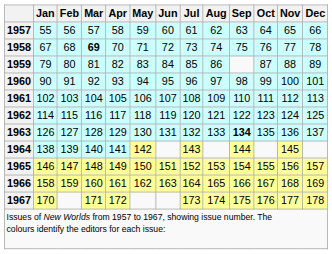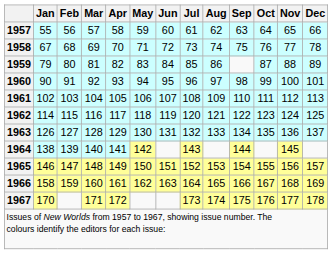 <table class="wikitable" style="font-size: 10pt; line-height: 11pt; margin-right: 2em; text-align: center; float: left">
 <tr>
 <th></th>
 <th>Jan</th>
 <th>Feb</th>
 <th>Mar</th>
 <th>Apr</th>
 <th>May</th>
 <th>Jun</th>
 <th>Jul</th>
 <th>Aug</th>
 <th>Sep</th>
 <th>Oct</th>
 <th>Nov</th>
 <th>Dec</th>
 </tr>
 <tr>
 <th>1957</th>
 <td bgcolor=#ccffff>55</td>
 <td bgcolor=#ccffff>56</td>
 <td bgcolor=#ccffff>57</td>
 <td bgcolor=#ccffff>58</td>
 <td bgcolor=#ccffff>59</td>
 <td bgcolor=#ccffff>60</td>
 <td bgcolor=#ccffff>61</td>
 <td bgcolor=#ccffff>62</td>
 <td bgcolor=#ccffff>63</td>
 <td bgcolor=#ccffff>64</td>
 <td bgcolor=#ccffff>65</td>
 <td bgcolor=#ccffff>66</td>
 </tr>
 <tr>
 <th>1958</th>
 <td bgcolor=#ccffff>67</td>
 <td bgcolor=#ccffff>68</td>
-<td bgcolor=#ccffff><strong>69</strong></td>
+<td bgcolor=#ccffff>69</td>
 <td bgcolor=#ccffff>70</td>
 <td bgcolor=#ccffff>71</td>
 <td bgcolor=#ccffff>72</td>
 <td bgcolor=#ccffff>73</td>
 <td bgcolor=#ccffff>74</td>
 <td bgcolor=#ccffff>75</td>
 <td bgcolor=#ccffff>76</td>
 <td bgcolor=#ccffff>77</td>
 <td bgcolor=#ccffff>78</td>
 </tr>
 <tr>
 <th>1959</th>
 <td bgcolor=#ccffff>79</td>
 <td bgcolor=#ccffff>80</td>
 <td bgcolor=#ccffff>81</td>
 <td bgcolor=#ccffff>82</td>
 <td bgcolor=#ccffff>83</td>
 <td bgcolor=#ccffff>84</td>
 <td bgcolor=#ccffff>85</td>
 <td bgcolor=#ccffff>86</td>
 <td></td>
 <td bgcolor=#ccffff>87</td>
 <td bgcolor=#ccffff>88</td>
 <td bgcolor=#ccffff>89</td>
 </tr>
 <tr>
 <th>1960</th>
 <td bgcolor=#ccffff>90</td>
 <td bgcolor=#ccffff>91</td>
 <td bgcolor=#ccffff>92</td>
 <td bgcolor=#ccffff>93</td>
 <td bgcolor=#ccffff>94</td>
 <td bgcolor=#ccffff>95</td>
 <td bgcolor=#ccffff>96</td>
 <td bgcolor=#ccffff>97</td>
 <td bgcolor=#ccffff>98</td>
 <td bgcolor=#ccffff>99</td>
 <td bgcolor=#ccffff>100</td>
 <td bgcolor=#ccffff>101</td>
 </tr>
 <tr>
 <th>1961</th>
 <td bgcolor=#ccffff>102</td>
 <td bgcolor=#ccffff>103</td>
 <td bgcolor=#ccffff>104</td>
 <td bgcolor=#ccffff>105</td>
 <td bgcolor=#ccffff>106</td>
 <td bgcolor=#ccffff>107</td>
 <td bgcolor=#ccffff>108</td>
 <td bgcolor=#ccffff>109</td>
 <td bgcolor=#ccffff>110</td>
 <td bgcolor=#ccffff>111</td>
 <td bgcolor=#ccffff>112</td>
 <td bgcolor=#ccffff>113</td>
 </tr>
 <tr>
 <th>1962</th>
 <td bgcolor=#ccffff>114</td>
 <td bgcolor=#ccffff>115</td>
 <td bgcolor=#ccffff>116</td>
 <td bgcolor=#ccffff>117</td>
 <td bgcolor=#ccffff>118</td>
 <td bgcolor=#ccffff>119</td>
 <td bgcolor=#ccffff>120</td>
 <td bgcolor=#ccffff>121</td>
 <td bgcolor=#ccffff>122</td>
 <td bgcolor=#ccffff>123</td>
 <td bgcolor=#ccffff>124</td>
 <td bgcolor=#ccffff>125</td>
 </tr>
 <tr>
 <th>1963</th>
 <td bgcolor=#ccffff>126</td>
 <td bgcolor=#ccffff>127</td>
 <td bgcolor=#ccffff>128</td>
 <td bgcolor=#ccffff>129</td>
 <td bgcolor=#ccffff>130</td>
 <td bgcolor=#ccffff>131</td>
 <td bgcolor=#ccffff>132</td>
 <td bgcolor=#ccffff>133</td>
-<td bgcolor=#ccffff><strong>134</strong></td>
+<td bgcolor=#ccffff>134</td>
 <td bgcolor=#ccffff>135</td>
 <td bgcolor=#ccffff>136</td>
 <td bgcolor=#ccffff>137</td>
 </tr>
 <tr>
 <th>1964</th>
 <td bgcolor=#ccffff>138</td>
 <td bgcolor=#ccffff>139</td>
 <td bgcolor=#ccffff>140</td>
 <td bgcolor=#ccffff>141</td>
 <td bgcolor=#ffff99>142</td>
 <td></td>
 <td bgcolor=#ffff99>143</td>
 <td></td>
 <td bgcolor=#ffff99>144</td>
 <td></td>
 <td bgcolor=#ffff99>145</td>
 <td></td>
 </tr>
 <tr>
 <th>1965</th>
 <td bgcolor=#ffff99>146</td>
 <td bgcolor=#ffff99>147</td>
 <td bgcolor=#ffff99>148</td>
 <td bgcolor=#ffff99>149</td>
 <td bgcolor=#ffff99>150</td>
 <td bgcolor=#ffff99>151</td>
 <td bgcolor=#ffff99>152</td>
 <td bgcolor=#ffff99>153</td>
 <td bgcolor=#ffff99>154</td>
 <td bgcolor=#ffff99>155</td>
 <td bgcolor=#ffff99>156</td>
 <td bgcolor=#ffff99>157</td>
 </tr>
 <tr>
 <th>1966</th>
 <td bgcolor=#ffff99>158</td>
 <td bgcolor=#ffff99>159</td>
 <td bgcolor=#ffff99>160</td>
 <td bgcolor=#ffff99>161</td>
 <td bgcolor=#ffff99>162</td>
 <td bgcolor=#ffff99>163</td>
 <td bgcolor=#ffff99>164</td>
 <td bgcolor=#ffff99>165</td>
 <td bgcolor=#ffff99>166</td>
 <td bgcolor=#ffff99>167</td>
 <td bgcolor=#ffff99>168</td>
 <td bgcolor=#ffff99>169</td>
 </tr>
 <tr>
 <th>1967</th>
 <td bgcolor=#ffff99>170</td>
 <td></td>
 <td bgcolor=#ffff99>171</td>
 <td bgcolor=#ffff99>172</td>
 <td></td>
 <td></td>
 <td bgcolor=#ffff99>173</td>
 <td bgcolor=#ffff99>174</td>
 <td bgcolor=#ffff99>175</td>
 <td bgcolor=#ffff99>176</td>
 <td bgcolor=#ffff99>177</td>
 <td bgcolor=#ffff99>178</td>
 </tr>
 <tr>
 <td colspan="13" style="font-size: 8pt; text-align:left">Issues of <em>New Worlds</em> from 1957 to 1967, showing issue number.  The<br>colours identify the editors for each issue:<br><br> </td>
 </tr>
 </table>
